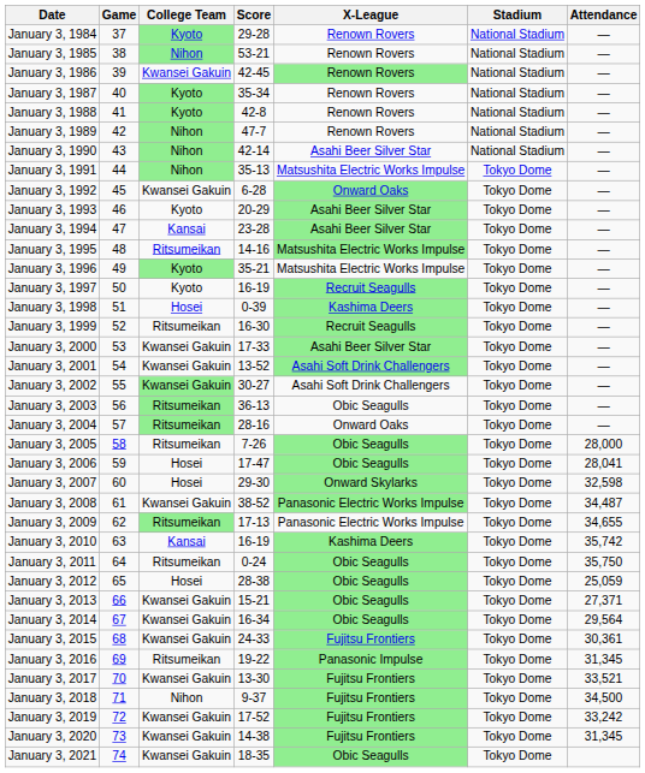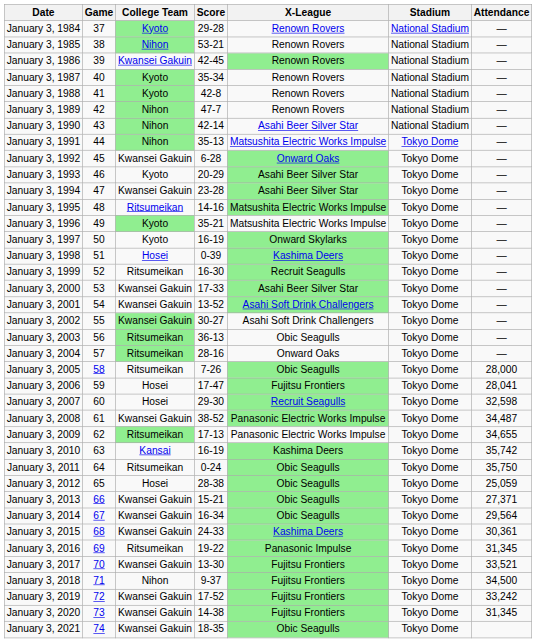 <table class="wikitable sortable" style="text-align:center; font-size:;">
 <tr>
 <th>Date</th>
 <th>Game</th>
 <th>College Team</th>
 <th>Score</th>
 <th>X-League</th>
 <th>Stadium</th>
 <th>Attendance</th>
 </tr>
 <tr>
 <td>January 3, 1984</td>
 <td>37</td>
 <td bgcolor="lightgreen"><a href='#'>Kyoto</a></td>
 <td style="white-space:nowrap">29-28</td>
 <td><a href='#'>Renown Rovers</a></td>
 <td><a href='#'>National Stadium</a></td>
 <td>—</td>
 </tr>
 <tr>
 <td>January 3, 1985</td>
 <td>38</td>
 <td bgcolor="lightgreen"><a href='#'>Nihon</a></td>
 <td style="white-space:nowrap">53-21</td>
 <td>Renown Rovers</td>
 <td>National Stadium</td>
 <td>—</td>
 </tr>
 <tr>
 <td>January 3, 1986</td>
 <td>39</td>
 <td><a href='#'>Kwansei Gakuin</a></td>
 <td>42-45</td>
 <td bgcolor="lightgreen">Renown Rovers</td>
 <td>National Stadium</td>
 <td>—</td>
 </tr>
 <tr>
 <td>January 3, 1987</td>
 <td>40</td>
 <td bgcolor="lightgreen">Kyoto</td>
 <td style="white-space:nowrap">35-34</td>
 <td>Renown Rovers</td>
 <td>National Stadium</td>
 <td>—</td>
 </tr>
 <tr>
 <td>January 3, 1988</td>
 <td>41</td>
 <td bgcolor="lightgreen">Kyoto</td>
 <td style="white-space:nowrap">42-8</td>
 <td>Renown Rovers</td>
 <td>National Stadium</td>
 <td>—</td>
 </tr>
 <tr>
 <td>January 3, 1989</td>
 <td>42</td>
 <td bgcolor="lightgreen">Nihon</td>
 <td style="white-space:nowrap">47-7</td>
 <td>Renown Rovers</td>
 <td>National Stadium</td>
 <td>—</td>
 </tr>
 <tr>
 <td>January 3, 1990</td>
 <td>43</td>
 <td bgcolor="lightgreen">Nihon</td>
 <td style="white-space:nowrap">42-14</td>
 <td><a href='#'>Asahi Beer Silver Star</a></td>
 <td>National Stadium</td>
 <td>—</td>
 </tr>
 <tr>
 <td>January 3, 1991</td>
 <td>44</td>
 <td bgcolor="lightgreen">Nihon</td>
 <td style="white-space:nowrap">35-13</td>
 <td><a href='#'>Matsushita Electric Works Impulse</a></td>
 <td><a href='#'>Tokyo Dome</a></td>
 <td>—</td>
 </tr>
 <tr>
 <td>January 3, 1992</td>
 <td>45</td>
 <td>Kwansei Gakuin</td>
 <td>6-28</td>
 <td bgcolor="lightgreen"><a href='#'>Onward Oaks</a></td>
 <td>Tokyo Dome</td>
 <td>—</td>
 </tr>
 <tr>
 <td>January 3, 1993</td>
 <td>46</td>
 <td>Kyoto</td>
 <td>20-29</td>
 <td bgcolor="lightgreen">Asahi Beer Silver Star</td>
 <td>Tokyo Dome</td>
 <td>—</td>
 </tr>
 <tr>
 <td>January 3, 1994</td>
 <td>47</td>
-<td><a href='#'>Kansai</a></td>
+<td>Kwansei Gakuin</td>
 <td>23-28</td>
 <td bgcolor="lightgreen">Asahi Beer Silver Star</td>
 <td>Tokyo Dome</td>
 <td>—</td>
 </tr>
 <tr>
 <td>January 3, 1995</td>
 <td>48</td>
 <td><a href='#'>Ritsumeikan</a></td>
 <td>14-16</td>
 <td bgcolor="lightgreen">Matsushita Electric Works Impulse</td>
 <td>Tokyo Dome</td>
 <td>—</td>
 </tr>
 <tr>
 <td>January 3, 1996</td>
 <td>49</td>
 <td bgcolor="lightgreen">Kyoto</td>
 <td style="white-space:nowrap">35-21</td>
 <td>Matsushita Electric Works Impulse</td>
 <td>Tokyo Dome</td>
 <td>—</td>
 </tr>
 <tr>
 <td>January 3, 1997</td>
 <td>50</td>
 <td>Kyoto</td>
 <td>16-19</td>
-<td bgcolor="lightgreen"><a href='#'>Recruit Seagulls</a></td>
+<td bgcolor="lightgreen">Onward Skylarks</td>
 <td>Tokyo Dome</td>
 <td>—</td>
 </tr>
 <tr>
 <td>January 3, 1998</td>
 <td>51</td>
 <td><a href='#'>Hosei</a></td>
 <td>0-39</td>
 <td bgcolor="lightgreen"><a href='#'>Kashima Deers</a></td>
 <td>Tokyo Dome</td>
 <td>—</td>
 </tr>
 <tr>
 <td>January 3, 1999</td>
 <td>52</td>
 <td>Ritsumeikan</td>
 <td>16-30</td>
 <td bgcolor="lightgreen">Recruit Seagulls</td>
 <td>Tokyo Dome</td>
 <td>—</td>
 </tr>
 <tr>
 <td>January 3, 2000</td>
 <td>53</td>
 <td>Kwansei Gakuin</td>
 <td>17-33</td>
 <td bgcolor="lightgreen">Asahi Beer Silver Star</td>
 <td>Tokyo Dome</td>
 <td>—</td>
 </tr>
 <tr>
 <td>January 3, 2001</td>
 <td>54</td>
 <td>Kwansei Gakuin</td>
 <td>13-52</td>
 <td bgcolor="lightgreen"><a href='#'>Asahi Soft Drink Challengers</a></td>
 <td>Tokyo Dome</td>
 <td>—</td>
 </tr>
 <tr>
 <td>January 3, 2002</td>
 <td>55</td>
 <td bgcolor="lightgreen">Kwansei Gakuin</td>
 <td style="white-space:nowrap">30-27</td>
 <td>Asahi Soft Drink Challengers</td>
 <td>Tokyo Dome</td>
 <td>—</td>
 </tr>
 <tr>
 <td>January 3, 2003</td>
 <td>56</td>
 <td bgcolor="lightgreen">Ritsumeikan</td>
 <td style="white-space:nowrap">36-13</td>
 <td>Obic Seagulls</td>
 <td>Tokyo Dome</td>
 <td>—</td>
 </tr>
 <tr>
 <td>January 3, 2004</td>
 <td>57</td>
 <td bgcolor="lightgreen">Ritsumeikan</td>
 <td style="white-space:nowrap">28-16</td>
 <td>Onward Oaks</td>
 <td>Tokyo Dome</td>
 <td>—</td>
 </tr>
 <tr>
 <td>January 3, 2005</td>
 <td><a href='#'>58</a></td>
 <td>Ritsumeikan</td>
 <td>7-26</td>
 <td bgcolor="lightgreen">Obic Seagulls</td>
 <td>Tokyo Dome</td>
 <td>28,000</td>
 </tr>
 <tr>
 <td>January 3, 2006</td>
 <td>59</td>
 <td>Hosei</td>
 <td>17-47</td>
-<td bgcolor="lightgreen">Obic Seagulls</td>
+<td bgcolor="lightgreen">Fujitsu Frontiers</td>
 <td>Tokyo Dome</td>
 <td>28,041</td>
 </tr>
 <tr>
 <td>January 3, 2007</td>
 <td>60</td>
 <td>Hosei</td>
 <td>29-30</td>
-<td bgcolor="lightgreen">Onward Skylarks</td>
+<td bgcolor="lightgreen"><a href='#'>Recruit Seagulls</a></td>
 <td>Tokyo Dome</td>
 <td>32,598</td>
 </tr>
 <tr>
 <td>January 3, 2008</td>
 <td>61</td>
 <td>Kwansei Gakuin</td>
 <td>38-52</td>
 <td bgcolor="lightgreen">Panasonic Electric Works Impulse</td>
 <td>Tokyo Dome</td>
 <td>34,487</td>
 </tr>
 <tr>
 <td>January 3, 2009</td>
 <td>62</td>
 <td bgcolor="lightgreen">Ritsumeikan</td>
 <td style="white-space:nowrap">17-13</td>
 <td>Panasonic Electric Works Impulse</td>
 <td>Tokyo Dome</td>
 <td>34,655</td>
 </tr>
 <tr>
 <td>January 3, 2010</td>
 <td>63</td>
 <td><a href='#'>Kansai</a></td>
 <td>16-19</td>
 <td bgcolor="lightgreen">Kashima Deers</td>
 <td>Tokyo Dome</td>
 <td>35,742</td>
 </tr>
 <tr>
 <td>January 3, 2011</td>
 <td>64</td>
 <td>Ritsumeikan</td>
 <td>0-24</td>
 <td bgcolor="lightgreen">Obic Seagulls</td>
 <td>Tokyo Dome</td>
 <td>35,750</td>
 </tr>
 <tr>
 <td>January 3, 2012</td>
 <td>65</td>
 <td>Hosei</td>
 <td>28-38</td>
 <td bgcolor="lightgreen">Obic Seagulls</td>
 <td>Tokyo Dome</td>
 <td>25,059</td>
 </tr>
 <tr>
 <td>January 3, 2013</td>
 <td><a href='#'>66</a></td>
 <td>Kwansei Gakuin</td>
 <td>15-21</td>
 <td bgcolor="lightgreen">Obic Seagulls</td>
 <td>Tokyo Dome</td>
 <td>27,371</td>
 </tr>
 <tr>
 <td>January 3, 2014</td>
 <td><a href='#'>67</a></td>
 <td>Kwansei Gakuin</td>
 <td>16-34</td>
 <td bgcolor="lightgreen">Obic Seagulls</td>
 <td>Tokyo Dome</td>
 <td>29,564</td>
 </tr>
 <tr>
 <td>January 3, 2015</td>
 <td><a href='#'>68</a></td>
 <td>Kwansei Gakuin</td>
 <td>24-33</td>
-<td bgcolor="lightgreen"><a href='#'>Fujitsu Frontiers</a></td>
+<td bgcolor="lightgreen"><a href='#'>Kashima Deers</a></td>
 <td>Tokyo Dome</td>
 <td>30,361</td>
 </tr>
 <tr>
 <td>January 3, 2016</td>
 <td><a href='#'>69</a></td>
 <td>Ritsumeikan</td>
 <td>19-22</td>
 <td bgcolor="lightgreen">Panasonic Impulse</td>
 <td>Tokyo Dome</td>
 <td>31,345</td>
 </tr>
 <tr>
 <td>January 3, 2017</td>
 <td><a href='#'>70</a></td>
 <td>Kwansei Gakuin</td>
 <td>13-30</td>
 <td bgcolor="lightgreen">Fujitsu Frontiers</td>
 <td>Tokyo Dome</td>
 <td>33,521</td>
 </tr>
 <tr>
 <td>January 3, 2018</td>
 <td><a href='#'>71</a></td>
 <td>Nihon</td>
 <td>9-37</td>
 <td bgcolor="lightgreen">Fujitsu Frontiers</td>
 <td>Tokyo Dome</td>
 <td>34,500</td>
 </tr>
 <tr>
 <td>January 3, 2019</td>
 <td><a href='#'>72</a></td>
 <td>Kwansei Gakuin</td>
 <td>17-52</td>
 <td bgcolor="lightgreen">Fujitsu Frontiers</td>
 <td>Tokyo Dome</td>
 <td>33,242</td>
 </tr>
 <tr>
 <td>January 3, 2020</td>
 <td><a href='#'>73</a></td>
 <td>Kwansei Gakuin</td>
 <td>14-38</td>
 <td bgcolor="lightgreen">Fujitsu Frontiers</td>
 <td>Tokyo Dome</td>
 <td>31,345</td>
 </tr>
 <tr>
 <td>January 3, 2021</td>
 <td><a href='#'>74</a></td>
 <td>Kwansei Gakuin</td>
 <td>18-35</td>
 <td bgcolor="lightgreen">Obic Seagulls</td>
 <td>Tokyo Dome</td>
 <td></td>
 </tr>
 </table>
